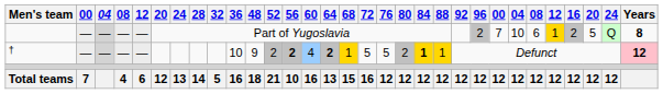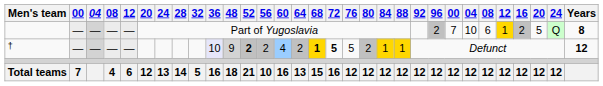 <table class="wikitable" style="text-align: center; font-size: 90%; margin-left: 1em;">
 <tr>
 <th>Men's team</th>
 <th><a href='#'>00</a></th>
 <th><em><a href='#'>04</a></em></th>
 <th><a href='#'>08</a></th>
 <th><a href='#'>12</a></th>
 <th><a href='#'>20</a></th>
 <th><a href='#'>24</a></th>
 <th><a href='#'>28</a></th>
 <th><a href='#'>32</a></th>
 <th><a href='#'>36</a></th>
 <th><a href='#'>48</a></th>
 <th><a href='#'>52</a></th>
 <th><a href='#'>56</a></th>
 <th><a href='#'>60</a></th>
 <th><a href='#'>64</a></th>
 <th><a href='#'>68</a></th>
 <th><a href='#'>72</a></th>
 <th><a href='#'>76</a></th>
 <th><a href='#'>80</a></th>
 <th><a href='#'>84</a></th>
 <th><a href='#'>88</a></th>
 <th><a href='#'>92</a></th>
 <th><a href='#'>96</a></th>
 <th><a href='#'>00</a></th>
 <th><a href='#'>04</a></th>
 <th><a href='#'>08</a></th>
 <th><a href='#'>12</a></th>
 <th><a href='#'>16</a></th>
 <th><a href='#'>20</a></th>
 <th><a href='#'>24</a></th>
 <th>Years</th>
 </tr>
 <tr>
 <td style="text-align: left;"></td>
 <td style="background-color: #ececec;">—</td>
 <td style="background-color: lightgray;">—</td>
 <td style="background-color: #ececec;">—</td>
 <td style="background-color: #ececec;">—</td>
 <td colspan="16">Part of <em>Yugoslavia</em></td>
 <td></td>
 <td style="background-color: silver;">2</td>
 <td>7</td>
 <td>10</td>
 <td>6</td>
 <td style="background-color: gold;">1</td>
 <td style="background-color: silver;">2</td>
 <td>5</td>
 <td style="background-color: #ccffcc;">Q</td>
 <td><strong>8</strong></td>
 </tr>
 <tr>
 <td style="text-align: left;"><em></em><sup>†</sup></td>
 <td style="background-color: #ececec;">—</td>
 <td style="background-color: lightgray;">—</td>
 <td style="background-color: #ececec;">—</td>
 <td style="background-color: #ececec;">—</td>
 <td></td>
 <td></td>
 <td></td>
 <td></td>
-<td>10</td>
-<td>9</td>
+<td style="background: lavender;">10</td>
+<td style="background: lightgrey;">9</td>
+<td style="background-color: silver;"><strong>2</strong></td>
 <td style="background-color: silver;">2</td>
-<td style="background-color: silver;"><strong>2</strong></td>
 <td style="background-color: #9acdff;">4</td>
-<td style="background-color: silver;"><strong>2</strong></td>
-<td style="background-color: gold;">1</td>
-<td>5</td>
+<td style="background-color: silver;">2</td>
+<td style="background-color: gold;"><strong>1</strong></td>
+<td><strong>5</strong></td>
 <td>5</td>
 <td style="background-color: silver;">2</td>
-<td style="background-color: gold;"><strong>1</strong></td>
+<td style="background-color: gold;">1</td>
 <td style="background-color: gold;">1</td>
 <td colspan="9"><em>Defunct</em></td>
-<td style="background: pink;"><strong>12</strong></td>
+<td><strong>12</strong></td>
 </tr>
 <tr style="background-color: lightgrey;">
 <td colspan="31"></td>
 </tr>
 <tr>
 <th>Total teams</th>
 <th>7</th>
 <th></th>
 <th>4</th>
 <th>6</th>
 <th>12</th>
 <th>13</th>
 <th>14</th>
 <th>5</th>
 <th>16</th>
 <th>18</th>
 <th>21</th>
 <th>10</th>
 <th>16</th>
 <th>13</th>
 <th>15</th>
 <th>16</th>
 <th>12</th>
 <th>12</th>
 <th>12</th>
 <th>12</th>
 <th>12</th>
 <th>12</th>
 <th>12</th>
 <th>12</th>
 <th>12</th>
 <th>12</th>
 <th>12</th>
 <th>12</th>
 <th>12</th>
 <th></th>
 </tr>
 </table>
